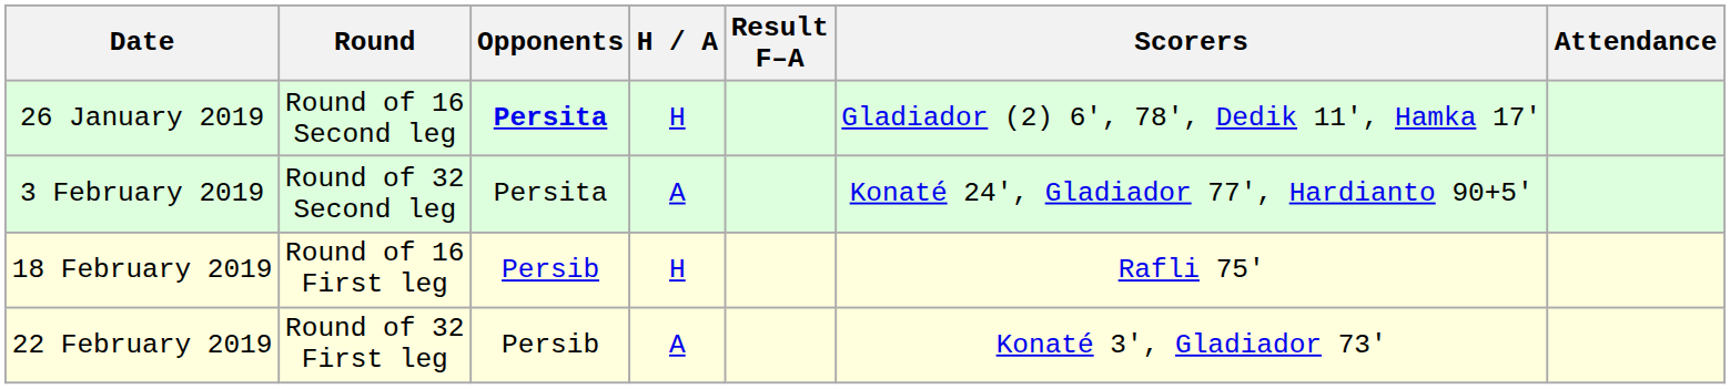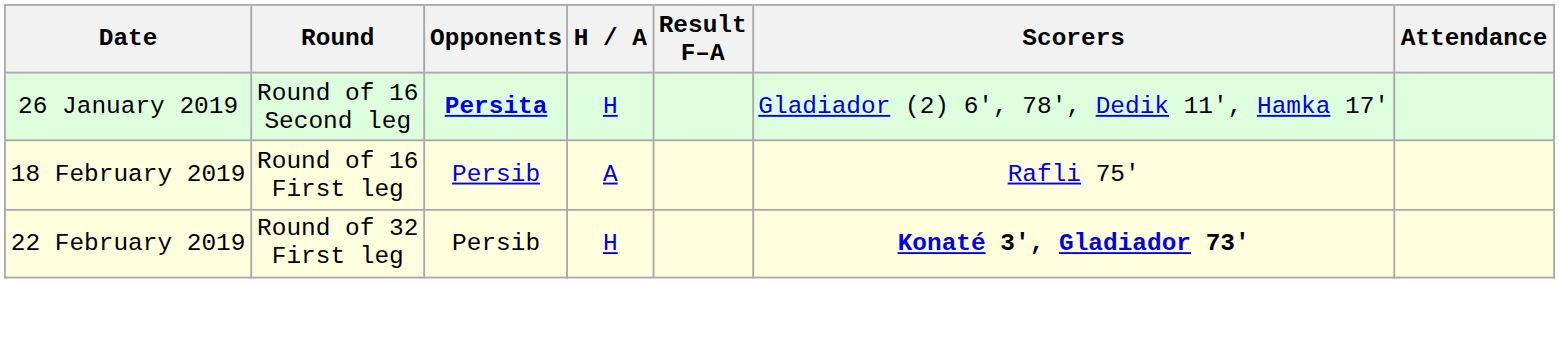 <table class="wikitable" style="text-align:center">
 <tr>
 <th>Date</th>
 <th>Round</th>
 <th>Opponents</th>
 <th>H / A</th>
 <th>Result<br>F–A</th>
 <th>Scorers</th>
 <th>Attendance</th>
 </tr>
 <tr style="background:#ddffdd">
 <td>26 January 2019</td>
 <td>Round of 16<br>Second leg</td>
 <td><strong><a href='#'>Persita</a></strong></td>
 <td><a href='#'>H</a></td>
 <td></td>
 <td><a href='#'>Gladiador</a> (2) 6', 78', <a href='#'>Dedik</a> 11', <a href='#'>Hamka</a> 17'</td>
 <td></td>
 </tr>
-<tr style="background:#ddffdd">
-<td>3 February 2019</td>
-<td>Round of 32<br>Second leg</td>
-<td>Persita</td>
-<td><a href='#'>A</a></td>
-<td></td>
-<td><a href='#'>Konaté</a> 24', <a href='#'>Gladiador</a> 77', <a href='#'>Hardianto</a> 90+5'</td>
-<td></td>
-</tr>
 <tr style="background:#ffffdd">
 <td>18 February 2019</td>
 <td>Round of 16<br>First leg</td>
 <td><a href='#'>Persib</a></td>
-<td><a href='#'>H</a></td>
+<td><a href='#'>A</a></td>
 <td></td>
 <td><a href='#'>Rafli</a> 75'</td>
 <td></td>
 </tr>
 <tr style="background:#ffffdd">
 <td>22 February 2019</td>
 <td>Round of 32<br>First leg</td>
 <td>Persib</td>
-<td><a href='#'>A</a></td>
+<td><a href='#'>H</a></td>
 <td></td>
-<td><a href='#'>Konaté</a> 3', <a href='#'>Gladiador</a> 73'</td>
+<td><strong><a href='#'>Konaté</a> 3', <a href='#'>Gladiador</a> 73'</strong></td>
 <td></td>
 </tr>
 </table>
